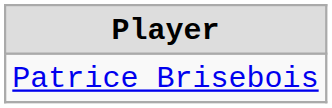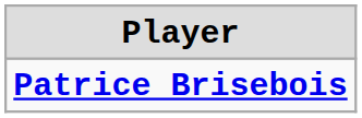 <table class="wikitable">
 <tr style="text-align:center; background:#ddd;">
 <td><strong>Player</strong></td>
 </tr>
 <tr>
-<td><a href='#'>Patrice Brisebois</a></td>
+<td><strong><a href='#'>Patrice Brisebois</a></strong></td>
 </tr>
 </table>
